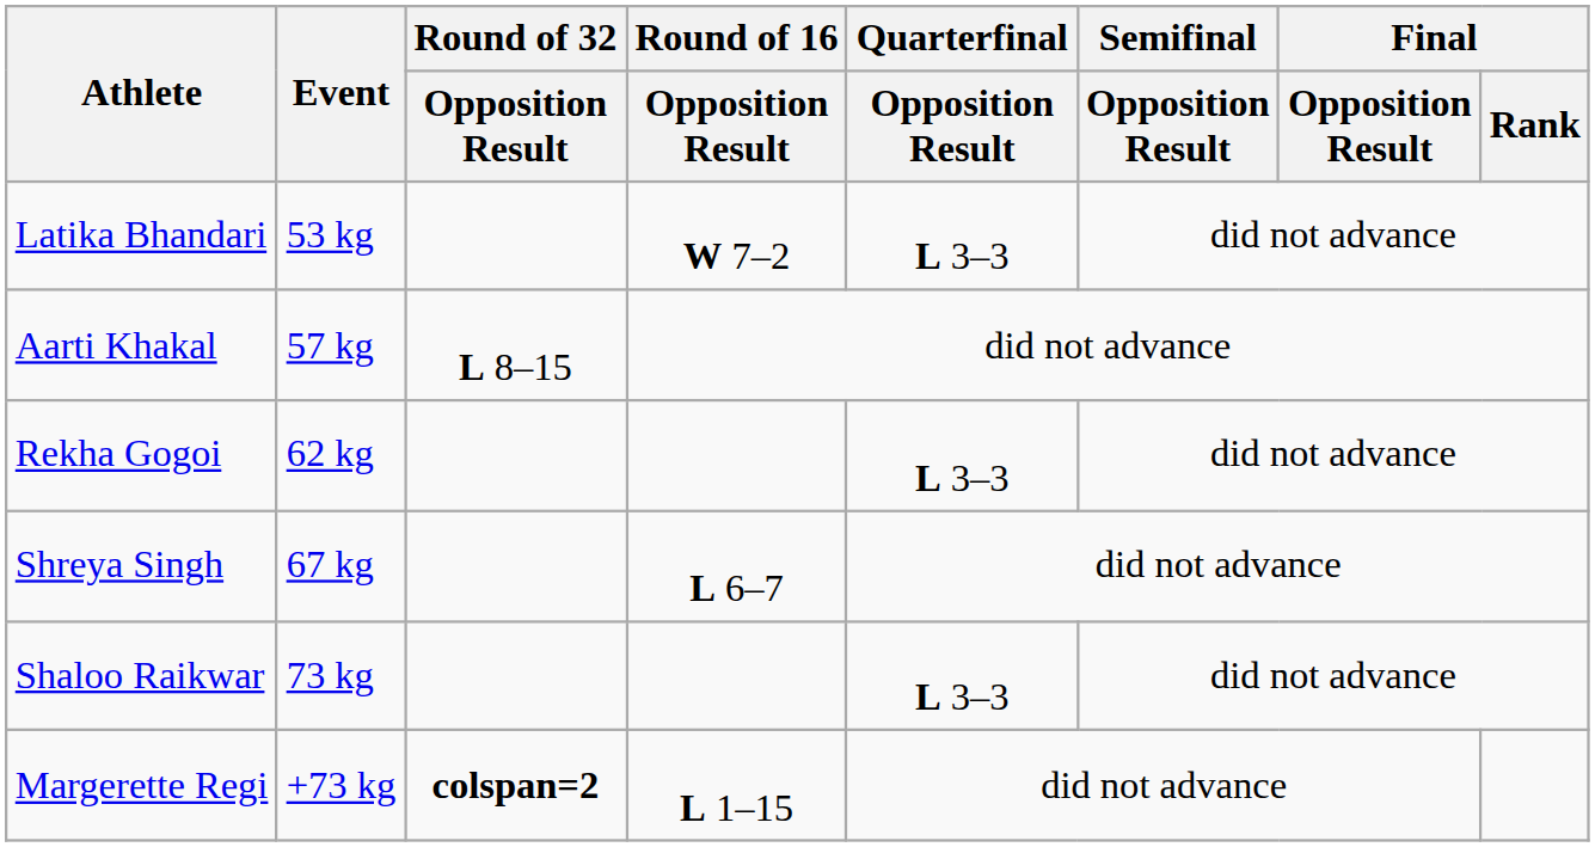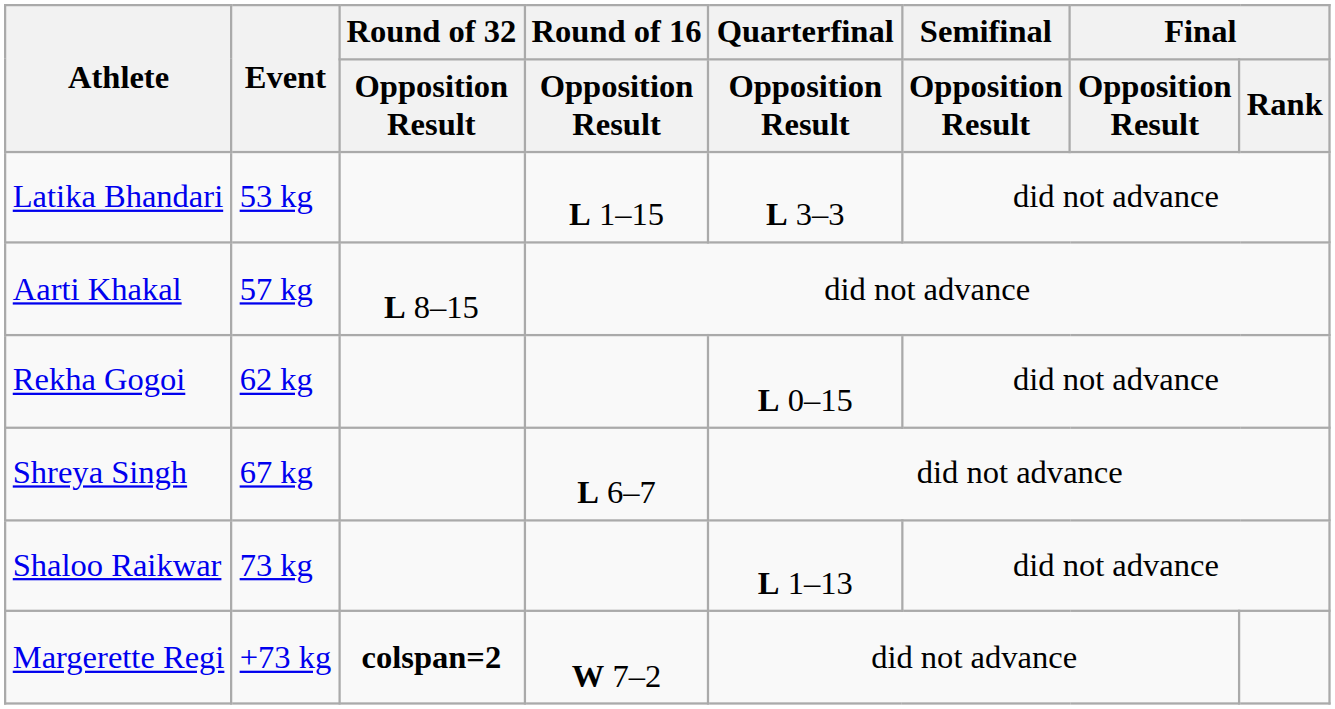 <table class=wikitable style="text-align:center; font-size:90%">
 <tr>
 <th rowspan=2>Athlete</th>
 <th rowspan=2>Event</th>
 <th>Round of 32</th>
 <th>Round of 16</th>
 <th>Quarterfinal</th>
 <th>Semifinal</th>
 <th colspan=2>Final</th>
 </tr>
 <tr>
 <th>Opposition<br>Result</th>
 <th>Opposition<br>Result</th>
 <th>Opposition<br>Result</th>
 <th>Opposition<br>Result</th>
 <th>Opposition<br>Result</th>
 <th>Rank</th>
 </tr>
 <tr>
 <td align=left><a href='#'>Latika Bhandari</a></td>
 <td align=left><a href='#'>53 kg</a></td>
 <td></td>
-<td><br><strong>W</strong> 7–2</td>
+<td><br><strong>L</strong> 1–15</td>
 <td><br><strong>L</strong> 3–3</td>
 <td colspan=3>did not advance</td>
 </tr>
 <tr>
 <td align=left><a href='#'>Aarti Khakal</a></td>
 <td align=left><a href='#'>57 kg</a></td>
 <td><br><strong>L</strong> 8–15</td>
 <td colspan=5>did not advance</td>
 </tr>
 <tr>
 <td align=left><a href='#'>Rekha Gogoi</a></td>
 <td align=left><a href='#'>62 kg</a></td>
 <td></td>
 <td></td>
-<td><br><strong>L</strong> 3–3</td>
+<td><br><strong>L</strong> 0–15</td>
 <td colspan=3>did not advance</td>
 </tr>
 <tr>
 <td align=left><a href='#'>Shreya Singh</a></td>
 <td align=left><a href='#'>67 kg</a></td>
 <td></td>
 <td><br><strong>L</strong> 6–7</td>
 <td colspan=4>did not advance</td>
 </tr>
 <tr>
 <td align=left><a href='#'>Shaloo Raikwar</a></td>
 <td align=left><a href='#'>73 kg</a></td>
 <td></td>
 <td></td>
-<td><br><strong>L</strong> 3–3</td>
+<td><br><strong>L</strong> 1–13</td>
 <td colspan=3>did not advance</td>
 </tr>
 <tr>
 <td align=left><a href='#'>Margerette Regi</a></td>
 <td align=left><a href='#'>+73 kg</a></td>
 <td><strong>colspan=2 </strong></td>
-<td><br><strong>L</strong> 1–15</td>
+<td><br><strong>W</strong> 7–2</td>
 <td colspan=3>did not advance</td>
 </tr>
 </table>
